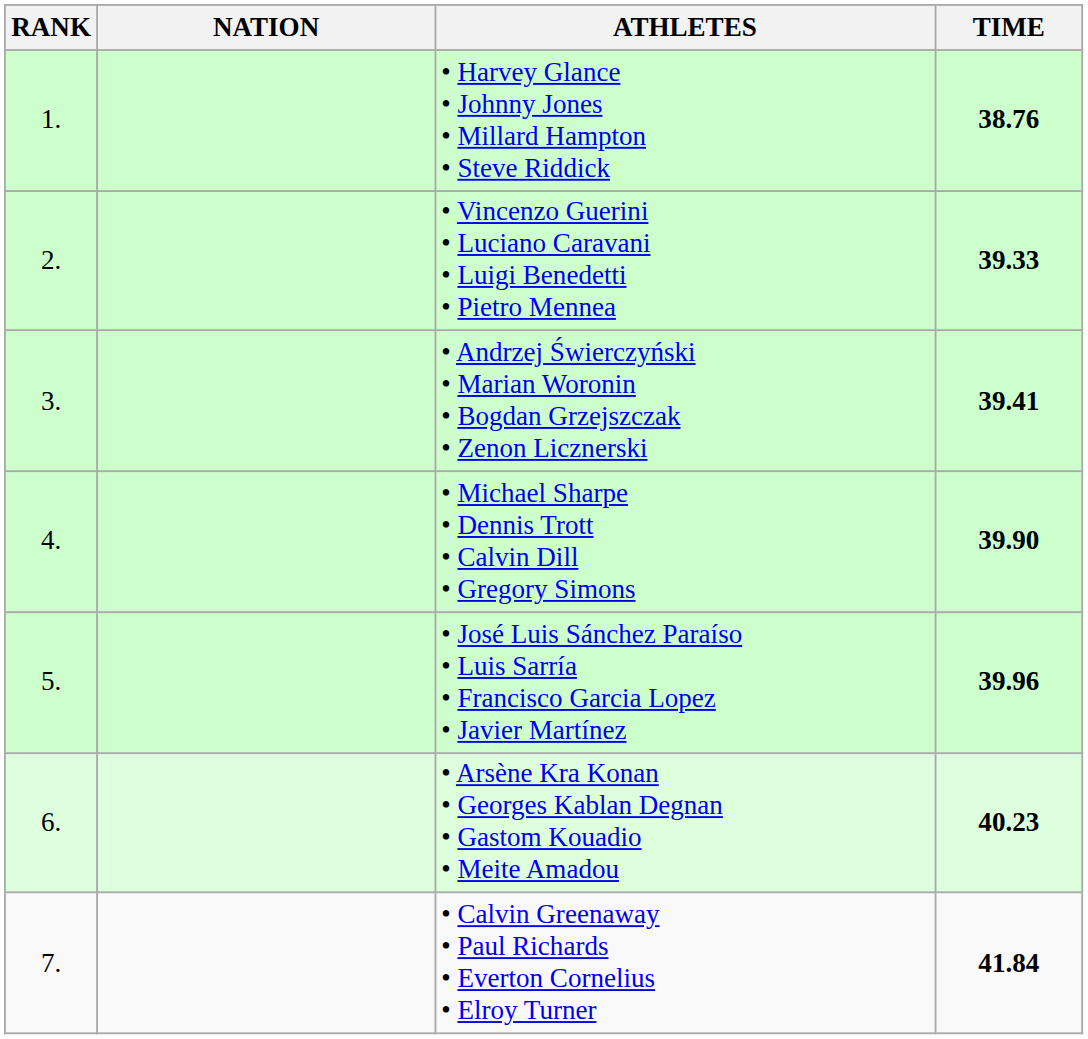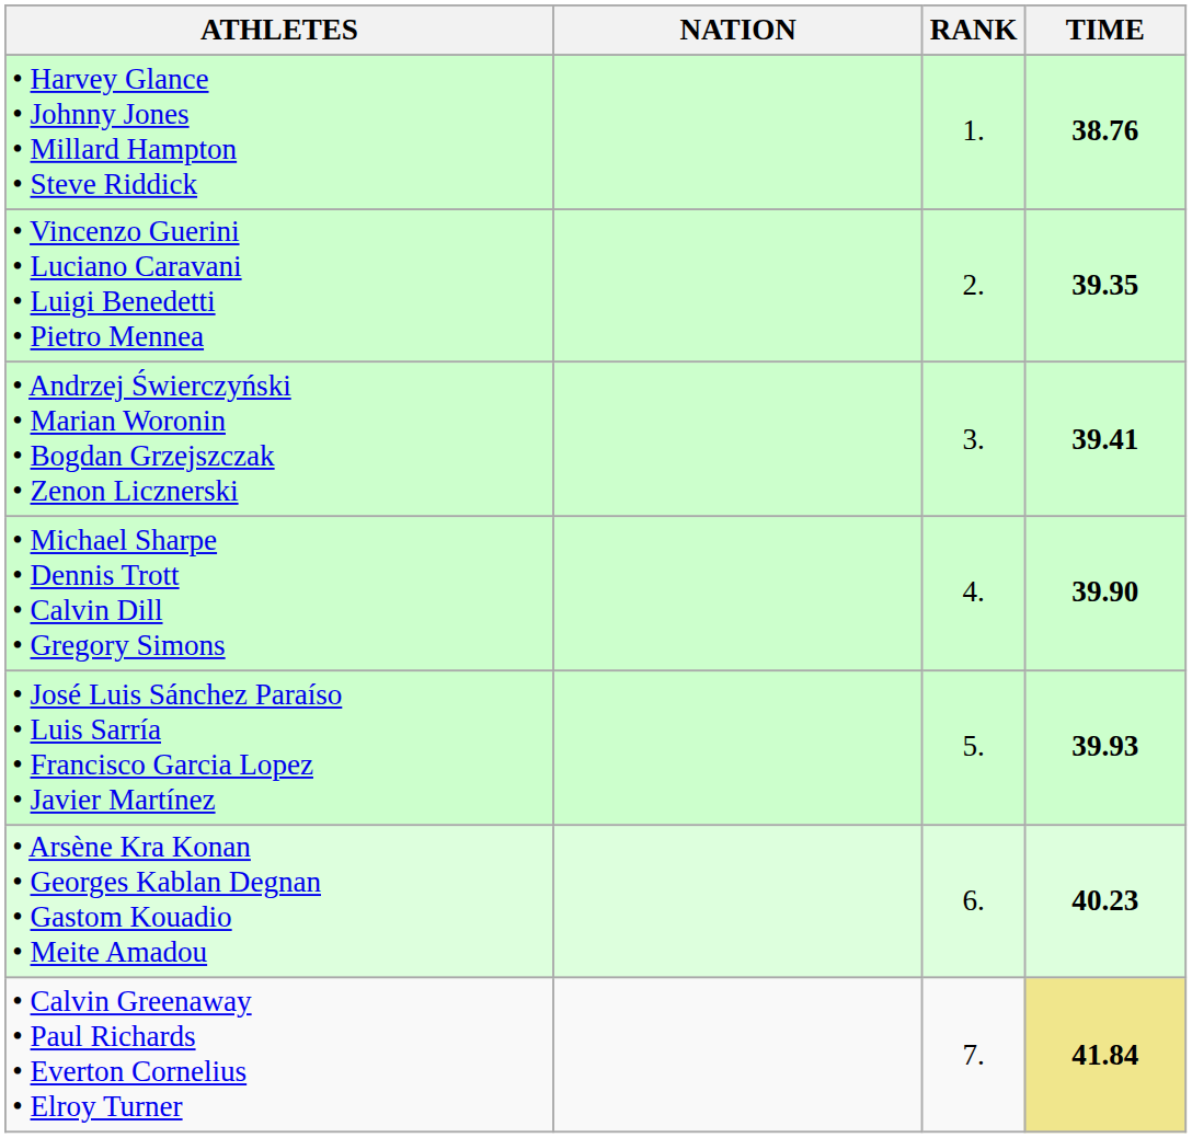 <table class="wikitable" style="border-collapse: collapse; font-size: 90%;">
 <tr>
+<th style="width: 18em">ATHLETES</th>
+<th style="width: 12em">NATION</th>
 <th>RANK</th>
-<th style="width: 12em">NATION</th>
-<th style="width: 18em">ATHLETES</th>
 <th style="width: 5em">TIME</th>
 </tr>
 <tr style="background:#ccffcc;">
+<td>• <a href='#'>Harvey Glance</a><br>• <a href='#'>Johnny Jones</a><br>• <a href='#'>Millard Hampton</a><br>• <a href='#'>Steve Riddick</a></td>
+<td align="center"></td>
 <td align="center">1.</td>
-<td align="center"></td>
-<td>• <a href='#'>Harvey Glance</a><br>• <a href='#'>Johnny Jones</a><br>• <a href='#'>Millard Hampton</a><br>• <a href='#'>Steve Riddick</a></td>
 <td align="center"><strong>38.76</strong></td>
 </tr>
 <tr style="background:#ccffcc;">
+<td>• <a href='#'>Vincenzo Guerini</a><br>• <a href='#'>Luciano Caravani</a><br>• <a href='#'>Luigi Benedetti</a><br>• <a href='#'>Pietro Mennea</a></td>
+<td align="center"></td>
 <td align="center">2.</td>
-<td align="center"></td>
-<td>• <a href='#'>Vincenzo Guerini</a><br>• <a href='#'>Luciano Caravani</a><br>• <a href='#'>Luigi Benedetti</a><br>• <a href='#'>Pietro Mennea</a></td>
-<td align="center"><strong>39.33</strong></td>
+<td align="center"><strong>39.35</strong></td>
 </tr>
 <tr style="background:#ccffcc;">
+<td>• <a href='#'>Andrzej Świerczyński</a><br>• <a href='#'>Marian Woronin</a><br>• <a href='#'>Bogdan Grzejszczak</a><br>• <a href='#'>Zenon Licznerski</a></td>
+<td align="center"></td>
 <td align="center">3.</td>
-<td align="center"></td>
-<td>• <a href='#'>Andrzej Świerczyński</a><br>• <a href='#'>Marian Woronin</a><br>• <a href='#'>Bogdan Grzejszczak</a><br>• <a href='#'>Zenon Licznerski</a></td>
 <td align="center"><strong>39.41</strong></td>
 </tr>
 <tr style="background:#ccffcc;">
+<td>• <a href='#'>Michael Sharpe</a><br>• <a href='#'>Dennis Trott</a><br>• <a href='#'>Calvin Dill</a><br>• <a href='#'>Gregory Simons</a></td>
+<td align="center"></td>
 <td align="center">4.</td>
-<td align="center"></td>
-<td>• <a href='#'>Michael Sharpe</a><br>• <a href='#'>Dennis Trott</a><br>• <a href='#'>Calvin Dill</a><br>• <a href='#'>Gregory Simons</a></td>
 <td align="center"><strong>39.90</strong></td>
 </tr>
 <tr style="background:#ccffcc;">
+<td>• <a href='#'>José Luis Sánchez Paraíso</a><br>• <a href='#'>Luis Sarría</a><br>• <a href='#'>Francisco Garcia Lopez</a><br>• <a href='#'>Javier Martínez</a></td>
+<td align="center"></td>
 <td align="center">5.</td>
-<td align="center"></td>
-<td>• <a href='#'>José Luis Sánchez Paraíso</a><br>• <a href='#'>Luis Sarría</a><br>• <a href='#'>Francisco Garcia Lopez</a><br>• <a href='#'>Javier Martínez</a></td>
-<td align="center"><strong>39.96</strong></td>
+<td align="center"><strong>39.93</strong></td>
 </tr>
 <tr style="background:#ddffdd;">
+<td>• <a href='#'>Arsène Kra Konan</a><br>• <a href='#'>Georges Kablan Degnan</a><br>• <a href='#'>Gastom Kouadio</a><br>• <a href='#'>Meite Amadou</a></td>
+<td align="center"></td>
 <td align="center">6.</td>
-<td align="center"></td>
-<td>• <a href='#'>Arsène Kra Konan</a><br>• <a href='#'>Georges Kablan Degnan</a><br>• <a href='#'>Gastom Kouadio</a><br>• <a href='#'>Meite Amadou</a></td>
 <td align="center"><strong>40.23</strong></td>
 </tr>
 <tr>
+<td>• <a href='#'>Calvin Greenaway</a><br>• <a href='#'>Paul Richards</a><br>• <a href='#'>Everton Cornelius</a><br>• <a href='#'>Elroy Turner</a></td>
+<td align="center"></td>
 <td align="center">7.</td>
-<td align="center"></td>
-<td>• <a href='#'>Calvin Greenaway</a><br>• <a href='#'>Paul Richards</a><br>• <a href='#'>Everton Cornelius</a><br>• <a href='#'>Elroy Turner</a></td>
-<td align="center"><strong>41.84</strong></td>
+<td align="center" style="background: khaki;"><strong>41.84</strong></td>
 </tr>
 </table>
